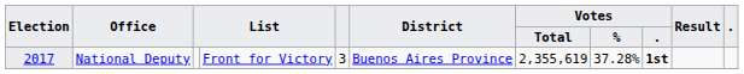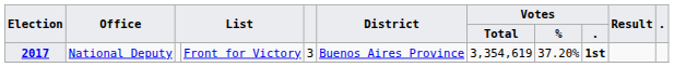 <table class="wikitable" style="font-size:90%; text-align:center;">
 <tr>
 <th style="background-color:#EAECF0;" rowspan=2>Election</th>
 <th style="background-color:#EAECF0;" rowspan=2>Office</th>
 <th style="background-color:#EAECF0;" colspan=2 rowspan=2>List</th>
 <th style="background-color:#EAECF0;" rowspan=2></th>
 <th style="background-color:#EAECF0;" rowspan=2>District</th>
 <th style="background-color:#EAECF0;" colspan=3>Votes</th>
 <th style="background-color:#EAECF0;" rowspan=2>Result</th>
 <th style="background-color:#EAECF0;" rowspan=2>.</th>
 </tr>
 <tr>
 <th style="background-color:#EAECF0;">Total</th>
 <th style="background-color:#EAECF0;">%</th>
 <th style="background-color:#EAECF0;">.</th>
 </tr>
 <tr>
-<td style="background-color:#EAECF0;"><a href='#'>2017</a></td>
+<td style="background-color:#EAECF0;"><strong><a href='#'>2017</a></strong></td>
 <td><a href='#'>National Deputy</a></td>
 <td style="background-color:"></td>
 <td><a href='#'>Front for Victory</a></td>
 <td>3</td>
 <td><a href='#'>Buenos Aires Province</a></td>
-<td>2,355,619</td>
-<td>37.28%</td>
+<td>3,354,619</td>
+<td>37.20%</td>
 <td><strong>1st</strong></td>
 <td></td>
 <td></td>
 </tr>
 <tr>
 </tr>
 </table>
